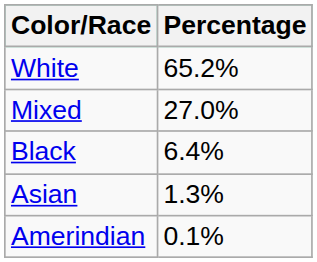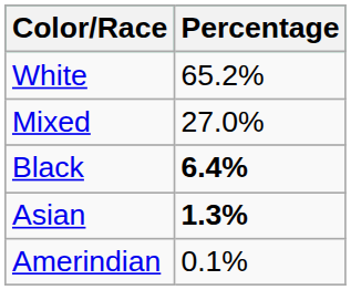 <table class="wikitable">
 <tr style="background:#009966;" colspan="2">
 <th><span>Color/Race</span></th>
 <th><span>Percentage</span></th>
 </tr>
 <tr>
 <td><a href='#'>White</a></td>
 <td>65.2%</td>
 </tr>
 <tr>
 <td><a href='#'>Mixed</a></td>
 <td>27.0%</td>
 </tr>
 <tr>
 <td><a href='#'>Black</a></td>
-<td>6.4%</td>
+<td><strong>6.4%</strong></td>
 </tr>
 <tr>
 <td><a href='#'>Asian</a></td>
-<td>1.3%</td>
+<td><strong>1.3%</strong></td>
 </tr>
 <tr>
 <td><a href='#'>Amerindian</a></td>
 <td>0.1%</td>
 </tr>
 </table>
